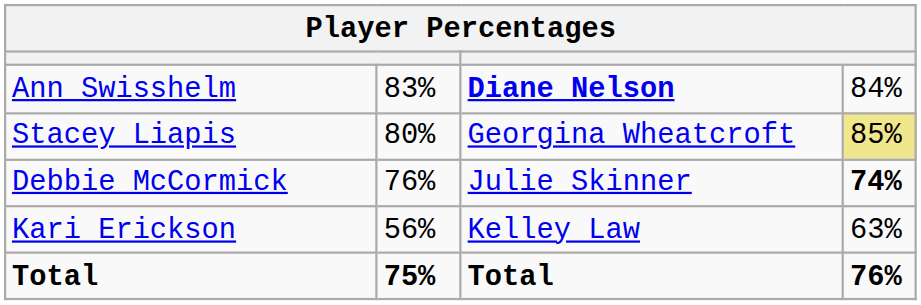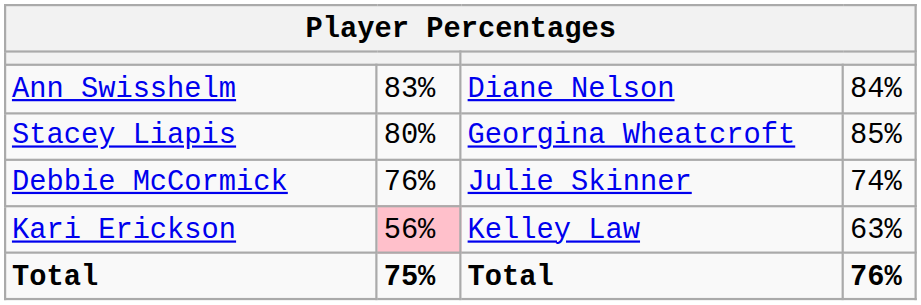 <table class=wikitable>
 <tr>
 <th colspan=4 width=400>Player Percentages</th>
 </tr>
 <tr>
 <th colspan=2 width=200></th>
 <th colspan=2 width=200></th>
 </tr>
 <tr>
 <td><a href='#'>Ann Swisshelm</a></td>
 <td>83%</td>
-<td><strong><a href='#'>Diane Nelson</a></strong></td>
+<td><a href='#'>Diane Nelson</a></td>
 <td>84%</td>
 </tr>
 <tr>
 <td><a href='#'>Stacey Liapis</a></td>
 <td>80%</td>
 <td><a href='#'>Georgina Wheatcroft</a></td>
-<td style="background: khaki;">85%</td>
+<td>85%</td>
 </tr>
 <tr>
 <td><a href='#'>Debbie McCormick</a></td>
 <td>76%</td>
 <td><a href='#'>Julie Skinner</a></td>
-<td><strong>74%</strong></td>
+<td>74%</td>
 </tr>
 <tr>
 <td><a href='#'>Kari Erickson</a></td>
-<td>56%</td>
+<td style="background: pink;">56%</td>
 <td><a href='#'>Kelley Law</a></td>
 <td>63%</td>
 </tr>
 <tr>
 <td><strong>Total</strong></td>
 <td><strong>75%</strong></td>
 <td><strong>Total</strong></td>
 <td><strong>76%</strong></td>
 </tr>
 </table>
